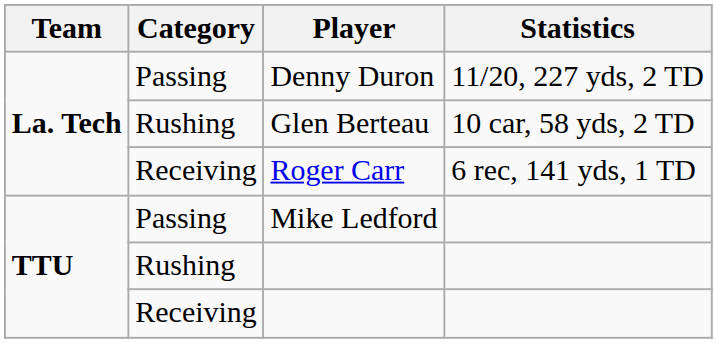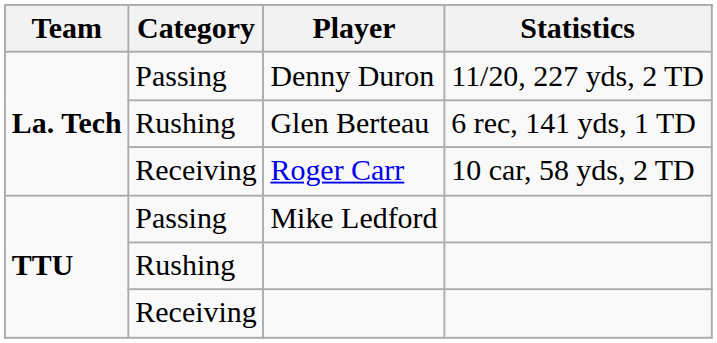 <table class="wikitable">
 <tr>
 <th>Team</th>
 <th>Category</th>
 <th>Player</th>
 <th>Statistics</th>
 </tr>
 <tr>
 <td rowspan=3><strong>La. Tech</strong></td>
 <td>Passing</td>
 <td>Denny Duron</td>
 <td>11/20, 227 yds, 2 TD</td>
 </tr>
 <tr>
 <td>Rushing</td>
 <td>Glen Berteau</td>
-<td>10 car, 58 yds, 2 TD</td>
+<td>6 rec, 141 yds, 1 TD</td>
 </tr>
 <tr>
 <td>Receiving</td>
 <td><a href='#'>Roger Carr</a></td>
-<td>6 rec, 141 yds, 1 TD</td>
+<td>10 car, 58 yds, 2 TD</td>
 </tr>
 <tr>
 <td rowspan=3><strong>TTU</strong></td>
 <td>Passing</td>
 <td>Mike Ledford</td>
 <td></td>
 </tr>
 <tr>
 <td>Rushing</td>
 <td></td>
 <td></td>
 </tr>
 <tr>
 <td>Receiving</td>
 <td></td>
 <td></td>
 </tr>
 </table>
